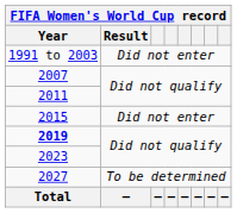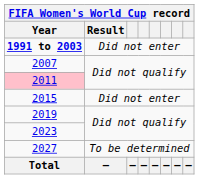 <table class="wikitable" style="text-align: center;">
 <tr>
 <th colspan=9><a href='#'>FIFA Women's World Cup</a> record</th>
 </tr>
 <tr>
 <th>Year</th>
 <th>Result</th>
 <th></th>
 <th></th>
 <th></th>
 <th></th>
 <th></th>
 <th></th>
 </tr>
 <tr>
-<td> <a href='#'>1991</a> to  <a href='#'>2003</a></td>
+<td><strong> <a href='#'>1991</a> to  <a href='#'>2003</a></strong></td>
 <td colspan=7><em>Did not enter</em></td>
 </tr>
 <tr>
 <td> <a href='#'>2007</a></td>
 <td colspan=7 rowspan=2><em>Did not qualify</em></td>
 </tr>
 <tr>
-<td> <a href='#'>2011</a></td>
+<td style="background: pink;"> <a href='#'>2011</a></td>
 </tr>
 <tr>
 <td> <a href='#'>2015</a></td>
 <td colspan=7><em>Did not enter</em></td>
 </tr>
 <tr>
-<td><strong> <a href='#'>2019</a></strong></td>
+<td> <a href='#'>2019</a></td>
 <td colspan=7 rowspan=2><em>Did not qualify</em></td>
 </tr>
 <tr>
 <td> <a href='#'>2023</a></td>
 </tr>
 <tr>
 <td> <a href='#'>2027</a></td>
 <td colspan=7><em>To be determined</em></td>
 </tr>
 <tr>
 <th>Total</th>
 <th>–</th>
 <th>–</th>
 <th>–</th>
 <th>–</th>
 <th>–</th>
 <th>–</th>
 <th>–</th>
 </tr>
 </table>
